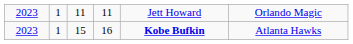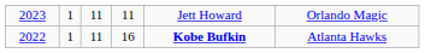 <table class="wikitable" width="80%">
 <tr align="center" bgcolor="">
 <td><a href='#'>2023</a></td>
 <td>1</td>
 <td>11</td>
 <td>11</td>
 <td><a href='#'>Jett Howard</a></td>
 <td><a href='#'>Orlando Magic</a></td>
 </tr>
 <tr align="center" bgcolor="">
-<td><a href='#'>2023</a></td>
+<td><a href='#'>2022</a></td>
 <td>1</td>
-<td>15</td>
+<td>11</td>
 <td>16</td>
 <td><strong><a href='#'>Kobe Bufkin</a></strong></td>
 <td><a href='#'>Atlanta Hawks</a></td>
 </tr>
 </table>
